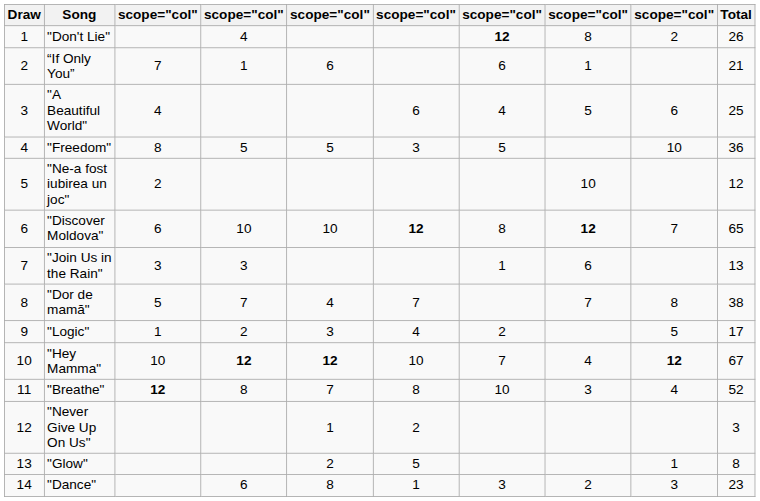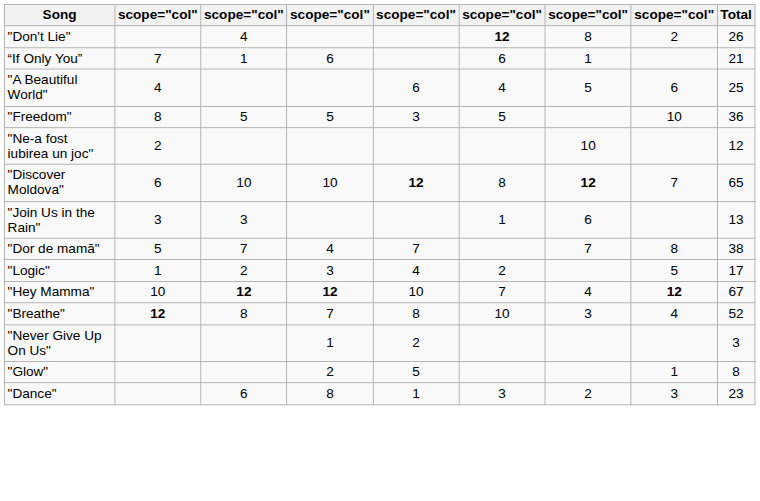 <table class="wikitable collapsible" style="margin: 1em auto 1em auto; text-align:center;">
 <tr>
-<th>Draw</th>
 <th>Song</th>
 <th>scope="col" </th>
 <th>scope="col" </th>
 <th>scope="col" </th>
 <th>scope="col" </th>
 <th>scope="col" </th>
 <th>scope="col" </th>
 <th>scope="col" </th>
 <th>Total</th>
 </tr>
 <tr>
-<td>1</td>
 <td align="left">"Don't Lie"</td>
 <td></td>
 <td>4</td>
 <td></td>
 <td></td>
 <td><strong>12</strong></td>
 <td>8</td>
 <td>2</td>
 <td>26</td>
 </tr>
 <tr>
-<td>2</td>
 <td align="left">“If Only You”</td>
 <td>7</td>
 <td>1</td>
 <td>6</td>
 <td></td>
 <td>6</td>
 <td>1</td>
 <td></td>
 <td>21</td>
 </tr>
 <tr>
-<td>3</td>
 <td align="left">"A Beautiful World"</td>
 <td>4</td>
 <td></td>
 <td></td>
 <td>6</td>
 <td>4</td>
 <td>5</td>
 <td>6</td>
 <td>25</td>
 </tr>
 <tr>
-<td>4</td>
 <td align="left">"Freedom"</td>
 <td>8</td>
 <td>5</td>
 <td>5</td>
 <td>3</td>
 <td>5</td>
 <td></td>
 <td>10</td>
 <td>36</td>
 </tr>
 <tr>
-<td>5</td>
 <td align="left">"Ne-a fost iubirea un joc"</td>
 <td>2</td>
 <td></td>
 <td></td>
 <td></td>
 <td></td>
 <td>10</td>
 <td></td>
 <td>12</td>
 </tr>
 <tr>
-<td>6</td>
 <td align="left">"Discover Moldova"</td>
 <td>6</td>
 <td>10</td>
 <td>10</td>
 <td><strong>12</strong></td>
 <td>8</td>
 <td><strong>12</strong></td>
 <td>7</td>
 <td>65</td>
 </tr>
 <tr>
-<td>7</td>
 <td align="left">"Join Us in the Rain"</td>
 <td>3</td>
 <td>3</td>
 <td></td>
 <td></td>
 <td>1</td>
 <td>6</td>
 <td></td>
 <td>13</td>
 </tr>
 <tr>
-<td>8</td>
 <td align="left">"Dor de mamă"</td>
 <td>5</td>
 <td>7</td>
 <td>4</td>
 <td>7</td>
 <td></td>
 <td>7</td>
 <td>8</td>
 <td>38</td>
 </tr>
 <tr>
-<td>9</td>
 <td align="left">"Logic"</td>
 <td>1</td>
 <td>2</td>
 <td>3</td>
 <td>4</td>
 <td>2</td>
 <td></td>
 <td>5</td>
 <td>17</td>
 </tr>
 <tr>
-<td>10</td>
 <td align="left">"Hey Mamma"</td>
 <td>10</td>
 <td><strong>12</strong></td>
 <td><strong>12</strong></td>
 <td>10</td>
 <td>7</td>
 <td>4</td>
 <td><strong>12</strong></td>
 <td>67</td>
 </tr>
 <tr>
-<td>11</td>
 <td align="left">"Breathe"</td>
 <td><strong>12</strong></td>
 <td>8</td>
 <td>7</td>
 <td>8</td>
 <td>10</td>
 <td>3</td>
 <td>4</td>
 <td>52</td>
 </tr>
 <tr>
-<td>12</td>
 <td align="left">"Never Give Up On Us"</td>
 <td></td>
 <td></td>
 <td>1</td>
 <td>2</td>
 <td></td>
 <td></td>
 <td></td>
 <td>3</td>
 </tr>
 <tr>
-<td>13</td>
 <td align="left">"Glow"</td>
 <td></td>
 <td></td>
 <td>2</td>
 <td>5</td>
 <td></td>
 <td></td>
 <td>1</td>
 <td>8</td>
 </tr>
 <tr>
-<td>14</td>
 <td align="left">"Dance"</td>
 <td></td>
 <td>6</td>
 <td>8</td>
 <td>1</td>
 <td>3</td>
 <td>2</td>
 <td>3</td>
 <td>23</td>
 </tr>
 </table>
